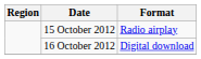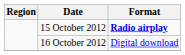 <table class=wikitable>
 <tr>
 <th>Region</th>
 <th>Date</th>
 <th>Format</th>
 </tr>
 <tr>
 <td rowspan="2"></td>
 <td>15 October 2012</td>
-<td><a href='#'>Radio airplay</a></td>
+<td><strong><a href='#'>Radio airplay</a></strong></td>
 </tr>
 <tr>
 <td>16 October 2012</td>
 <td><a href='#'>Digital download</a></td>
 </tr>
 <tr>
 </tr>
 </table>
